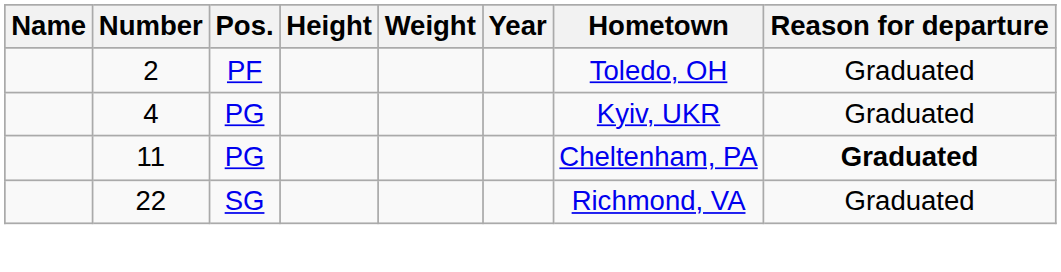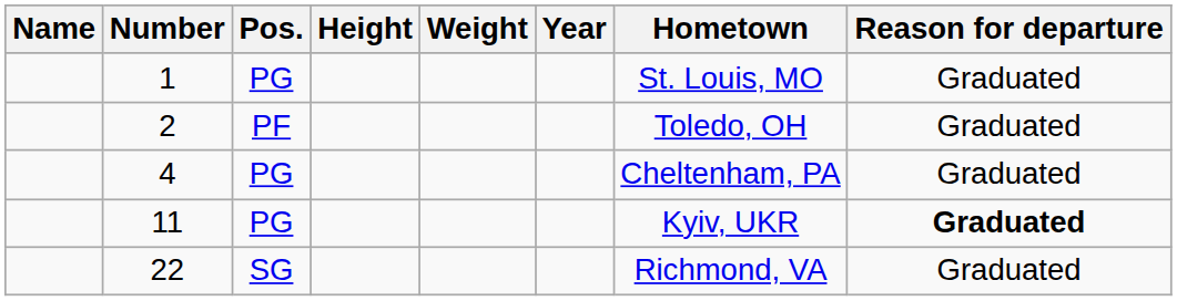 <table class="wikitable sortable sortable" style="text-align:center">
 <tr align=center>
 <th>Name</th>
 <th>Number</th>
 <th>Pos.</th>
 <th>Height</th>
 <th>Weight</th>
 <th>Year</th>
 <th>Hometown</th>
 <th class="unsortable">Reason for departure</th>
+</tr>
+<tr>
+<td></td>
+<td>1</td>
+<td><a href='#'>PG</a></td>
+<td></td>
+<td></td>
+<td></td>
+<td><a href='#'>St. Louis, MO</a></td>
+<td>Graduated</td>
 </tr>
 <tr>
 <td></td>
 <td>2</td>
 <td><a href='#'>PF</a></td>
 <td></td>
 <td></td>
 <td></td>
 <td><a href='#'>Toledo, OH</a></td>
 <td>Graduated</td>
 </tr>
 <tr>
 <td></td>
 <td>4</td>
 <td><a href='#'>PG</a></td>
 <td></td>
 <td></td>
 <td></td>
-<td><a href='#'>Kyiv, UKR</a></td>
+<td><a href='#'>Cheltenham, PA</a></td>
 <td>Graduated</td>
 </tr>
 <tr>
 <td></td>
 <td>11</td>
 <td><a href='#'>PG</a></td>
 <td></td>
 <td></td>
 <td></td>
-<td><a href='#'>Cheltenham, PA</a></td>
+<td><a href='#'>Kyiv, UKR</a></td>
 <td><strong>Graduated</strong></td>
 </tr>
 <tr>
 <td></td>
 <td>22</td>
 <td><a href='#'>SG</a></td>
 <td></td>
 <td></td>
 <td></td>
 <td><a href='#'>Richmond, VA</a></td>
 <td>Graduated</td>
 </tr>
 </table>
